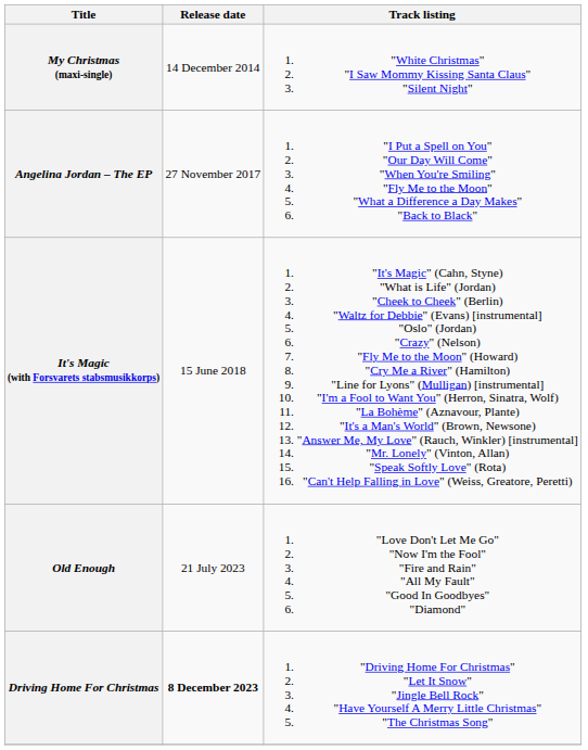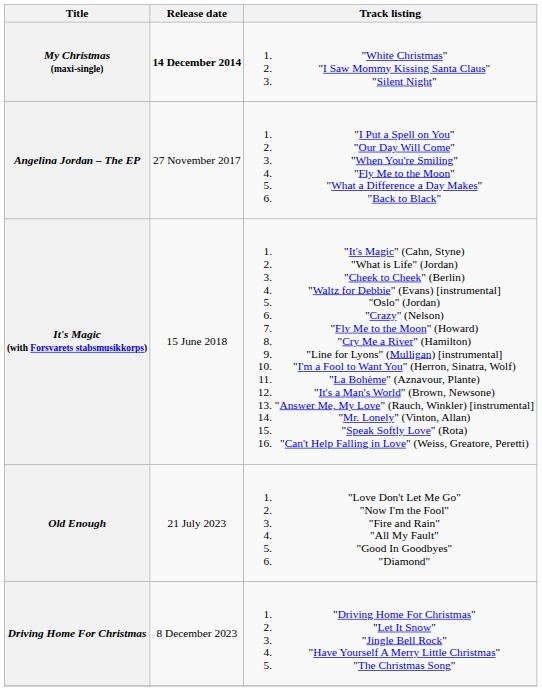 <table class="wikitable plainrowheaders" style="text-align:center;">
 <tr>
 <th scope="col">Title</th>
 <th scope="col">Release date</th>
 <th scope="col">Track listing</th>
 </tr>
 <tr>
 <th scope="row"><em>My Christmas</em><br><small>(maxi-single)</small></th>
-<td>14 December 2014</td>
+<td><strong>14 December 2014</strong></td>
 <td><br><ol><li>"<a href='#'>White Christmas</a>"</li><li>"<a href='#'>I Saw Mommy Kissing Santa Claus</a>"</li><li>"<a href='#'>Silent Night</a>"</li></ol></td>
 </tr>
 <tr>
 <th scope="row"><em>Angelina Jordan – The EP</em></th>
 <td>27 November 2017</td>
 <td><br><ol><li>"<a href='#'>I Put a Spell on You</a>"</li><li>"<a href='#'>Our Day Will Come</a>"</li><li>"<a href='#'>When You're Smiling</a>"</li><li>"<a href='#'>Fly Me to the Moon</a>"</li><li>"<a href='#'>What a Difference a Day Makes</a>"</li><li>"<a href='#'>Back to Black</a>"</li></ol></td>
 </tr>
 <tr>
 <th scope="row"><em>It's Magic</em><br><small>(with <a href='#'>Forsvarets stabsmusikkorps</a>)</small></th>
 <td>15 June 2018</td>
 <td><br><ol><li>"<a href='#'>It's Magic</a>" (Cahn, Styne)</li><li>"What is Life" (Jordan)</li><li>"<a href='#'>Cheek to Cheek</a>" (Berlin)</li><li>"<a href='#'>Waltz for Debbie</a>" (Evans) [instrumental]</li><li>"Oslo" (Jordan)</li><li>"<a href='#'>Crazy</a>" (Nelson)</li><li>"<a href='#'>Fly Me to the Moon</a>" (Howard)</li><li>"<a href='#'>Cry Me a River</a>" (Hamilton)</li><li>"Line for Lyons" (<a href='#'>Mulligan</a>) [instrumental]</li><li>"<a href='#'>I'm a Fool to Want You</a>" (Herron, Sinatra, Wolf)</li><li>"<a href='#'>La Bohème</a>" (Aznavour, Plante)</li><li>"<a href='#'>It's a Man's World</a>" (Brown, Newsone)</li><li>"<a href='#'>Answer Me, My Love</a>" (Rauch, Winkler) [instrumental]</li><li>"<a href='#'>Mr. Lonely</a>" (Vinton, Allan)</li><li>"<a href='#'>Speak Softly Love</a>" (Rota)</li><li>"<a href='#'>Can't Help Falling in Love</a>" (Weiss, Greatore, Peretti)</li></ol></td>
 </tr>
 <tr>
 <th scope="row"><em>Old Enough</em></th>
 <td>21 July 2023</td>
 <td><br><ol><li>"Love Don't Let Me Go"</li><li>"Now I'm the Fool"</li><li>"Fire and Rain"</li><li>"All My Fault"</li><li>"Good In Goodbyes"</li><li>"Diamond"</li></ol></td>
 </tr>
 <tr>
 <th scope="row"><em>Driving Home For Christmas</em></th>
-<td><strong>8 December 2023</strong></td>
+<td>8 December 2023</td>
 <td><br><ol><li>"<a href='#'>Driving Home For Christmas</a>"</li><li>"<a href='#'>Let It Snow</a>"</li><li>"<a href='#'>Jingle Bell Rock</a>"</li><li>"<a href='#'>Have Yourself A Merry Little Christmas</a>"</li><li>"<a href='#'>The Christmas Song</a>"</li></ol></td>
 </tr>
 <tr>
 </tr>
 </table>
